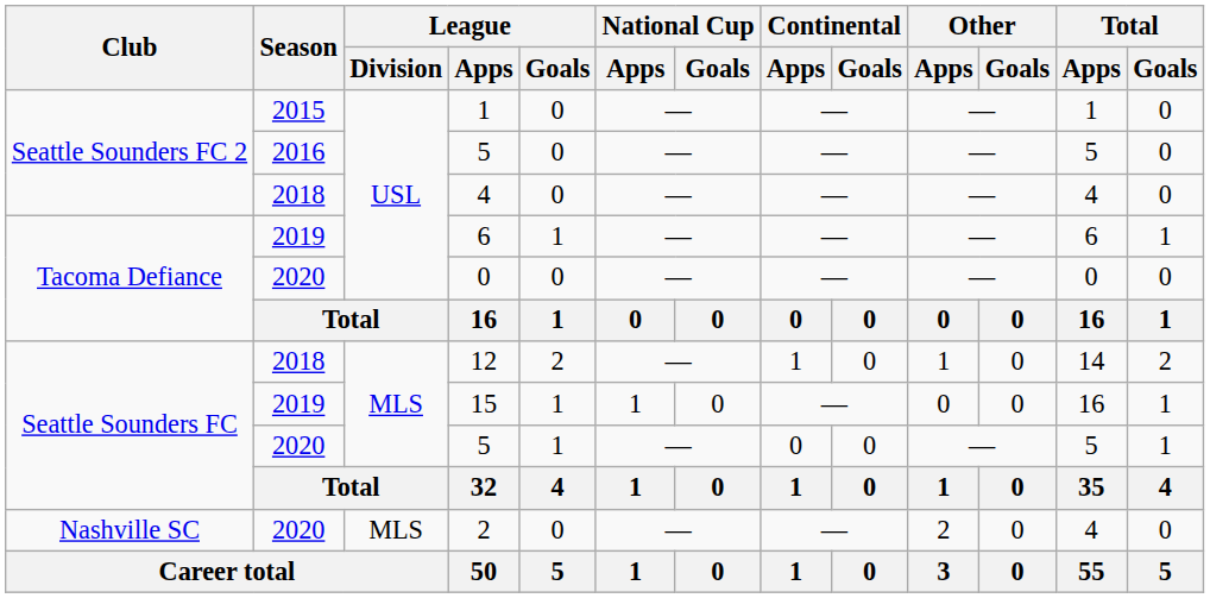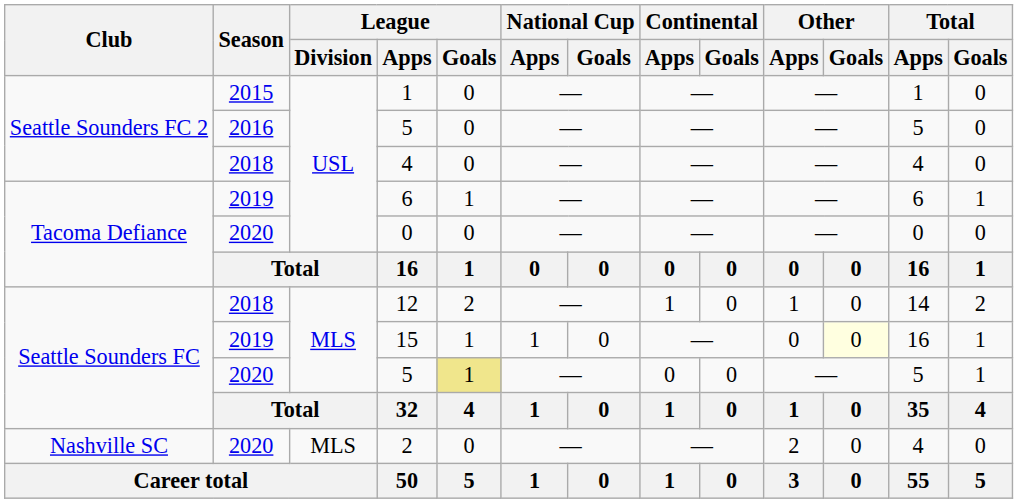 <table class="wikitable" style="text-align:center">
 <tr>
 <th rowspan="2">Club</th>
 <th rowspan="2">Season</th>
 <th colspan="3">League</th>
 <th colspan="2">National Cup</th>
 <th colspan="2">Continental</th>
 <th colspan="2">Other</th>
 <th colspan="2">Total</th>
 </tr>
 <tr>
 <th>Division</th>
 <th>Apps</th>
 <th>Goals</th>
 <th>Apps</th>
 <th>Goals</th>
 <th>Apps</th>
 <th>Goals</th>
 <th>Apps</th>
 <th>Goals</th>
 <th>Apps</th>
 <th>Goals</th>
 </tr>
 <tr>
 <td rowspan="3"><a href='#'>Seattle Sounders FC 2</a></td>
 <td><a href='#'>2015</a></td>
 <td rowspan="5"><a href='#'>USL</a></td>
 <td>1</td>
 <td>0</td>
 <td colspan="2">—</td>
 <td colspan="2">—</td>
 <td colspan="2">—</td>
 <td>1</td>
 <td>0</td>
 </tr>
 <tr>
 <td><a href='#'>2016</a></td>
 <td>5</td>
 <td>0</td>
 <td colspan="2">—</td>
 <td colspan="2">—</td>
 <td colspan="2">—</td>
 <td>5</td>
 <td>0</td>
 </tr>
 <tr>
 <td><a href='#'>2018</a></td>
 <td>4</td>
 <td>0</td>
 <td colspan="2">—</td>
 <td colspan="2">—</td>
 <td colspan="2">—</td>
 <td>4</td>
 <td>0</td>
 </tr>
 <tr>
 <td rowspan="3"><a href='#'>Tacoma Defiance</a></td>
 <td><a href='#'>2019</a></td>
 <td>6</td>
 <td>1</td>
 <td colspan="2">—</td>
 <td colspan="2">—</td>
 <td colspan="2">—</td>
 <td>6</td>
 <td>1</td>
 </tr>
 <tr>
 <td><a href='#'>2020</a></td>
 <td>0</td>
 <td>0</td>
 <td colspan="2">—</td>
 <td colspan="2">—</td>
 <td colspan="2">—</td>
 <td>0</td>
 <td>0</td>
 </tr>
 <tr>
 <th colspan="2">Total</th>
 <th>16</th>
 <th>1</th>
 <th>0</th>
 <th>0</th>
 <th>0</th>
 <th>0</th>
 <th>0</th>
 <th>0</th>
 <th>16</th>
 <th>1</th>
 </tr>
 <tr>
 <td rowspan="4"><a href='#'>Seattle Sounders FC</a></td>
 <td><a href='#'>2018</a></td>
 <td rowspan="3"><a href='#'>MLS</a></td>
 <td>12</td>
 <td>2</td>
 <td colspan="2">—</td>
 <td>1</td>
 <td>0</td>
 <td>1</td>
 <td>0</td>
 <td>14</td>
 <td>2</td>
 </tr>
 <tr>
 <td><a href='#'>2019</a></td>
 <td>15</td>
 <td>1</td>
 <td>1</td>
 <td>0</td>
 <td colspan="2">—</td>
 <td>0</td>
-<td>0</td>
+<td style="background: lightyellow;">0</td>
 <td>16</td>
 <td>1</td>
 </tr>
 <tr>
 <td><a href='#'>2020</a></td>
 <td>5</td>
-<td>1</td>
+<td style="background: khaki;">1</td>
 <td colspan="2">—</td>
 <td>0</td>
 <td>0</td>
 <td colspan="2">—</td>
 <td>5</td>
 <td>1</td>
 </tr>
 <tr>
 <th colspan="2">Total</th>
 <th>32</th>
 <th>4</th>
 <th>1</th>
 <th>0</th>
 <th>1</th>
 <th>0</th>
 <th>1</th>
 <th>0</th>
 <th>35</th>
 <th>4</th>
 </tr>
 <tr>
 <td><a href='#'>Nashville SC</a></td>
 <td><a href='#'>2020</a></td>
 <td>MLS</td>
 <td>2</td>
 <td>0</td>
 <td colspan="2">—</td>
 <td colspan="2">—</td>
 <td>2</td>
 <td>0</td>
 <td>4</td>
 <td>0</td>
 </tr>
 <tr>
 <th colspan="3">Career total</th>
 <th>50</th>
 <th>5</th>
 <th>1</th>
 <th>0</th>
 <th>1</th>
 <th>0</th>
 <th>3</th>
 <th>0</th>
 <th>55</th>
 <th>5</th>
 </tr>
 </table>
